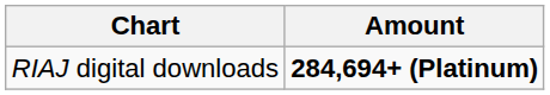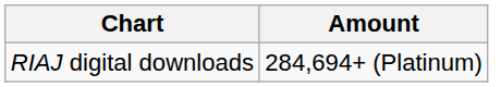 <table class="wikitable">
 <tr>
 <th>Chart</th>
 <th>Amount</th>
 </tr>
 <tr>
 <td><em>RIAJ</em> digital downloads</td>
-<td align="center"><strong>284,694+ (Platinum)</strong></td>
+<td align="center">284,694+ (Platinum)</td>
 </tr>
 </table>
